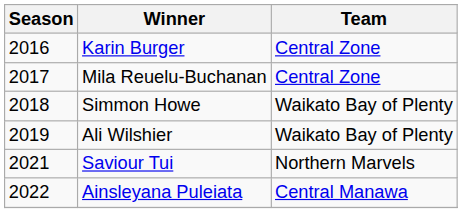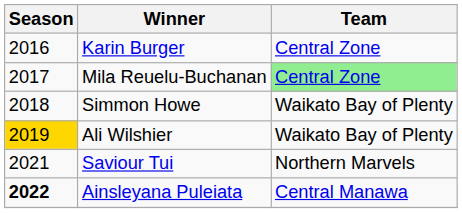 <table class="wikitable collapsible">
 <tr>
 <th>Season</th>
 <th>Winner</th>
 <th>Team</th>
 </tr>
 <tr>
 <td>2016</td>
 <td><a href='#'>Karin Burger</a></td>
 <td><a href='#'>Central Zone</a></td>
 </tr>
 <tr>
 <td>2017</td>
 <td>Mila Reuelu-Buchanan</td>
-<td><a href='#'>Central Zone</a></td>
+<td style="background: lightgreen;"><a href='#'>Central Zone</a></td>
 </tr>
 <tr>
 <td>2018</td>
 <td>Simmon Howe</td>
 <td>Waikato Bay of Plenty</td>
 </tr>
 <tr>
-<td>2019</td>
+<td style="background: gold;">2019</td>
 <td>Ali Wilshier</td>
 <td>Waikato Bay of Plenty</td>
 </tr>
 <tr>
 <td>2021</td>
 <td><a href='#'>Saviour Tui</a></td>
 <td>Northern Marvels</td>
 </tr>
 <tr>
-<td>2022</td>
+<td><strong>2022</strong></td>
 <td><a href='#'>Ainsleyana Puleiata</a></td>
 <td><a href='#'>Central Manawa</a></td>
 </tr>
 <tr>
 </tr>
 </table>
